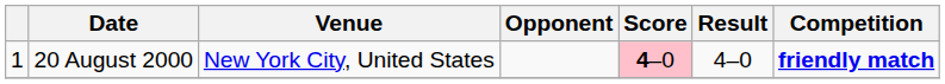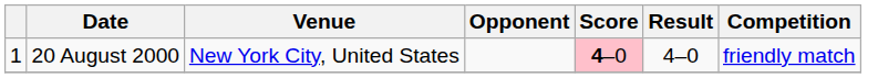 <table class="wikitable">
 <tr>
 <th></th>
 <th>Date</th>
 <th>Venue</th>
 <th>Opponent</th>
 <th>Score</th>
 <th>Result</th>
 <th>Competition</th>
 </tr>
 <tr>
 <td align="center">1</td>
 <td>20 August 2000</td>
 <td><a href='#'>New York City</a>, United States</td>
 <td></td>
 <td align="center" style="background: pink;"><strong>4</strong>–0</td>
 <td align="center">4–0</td>
-<td><strong><a href='#'>friendly match</a></strong></td>
+<td><a href='#'>friendly match</a></td>
 </tr>
 <tr>
 </tr>
 </table>
